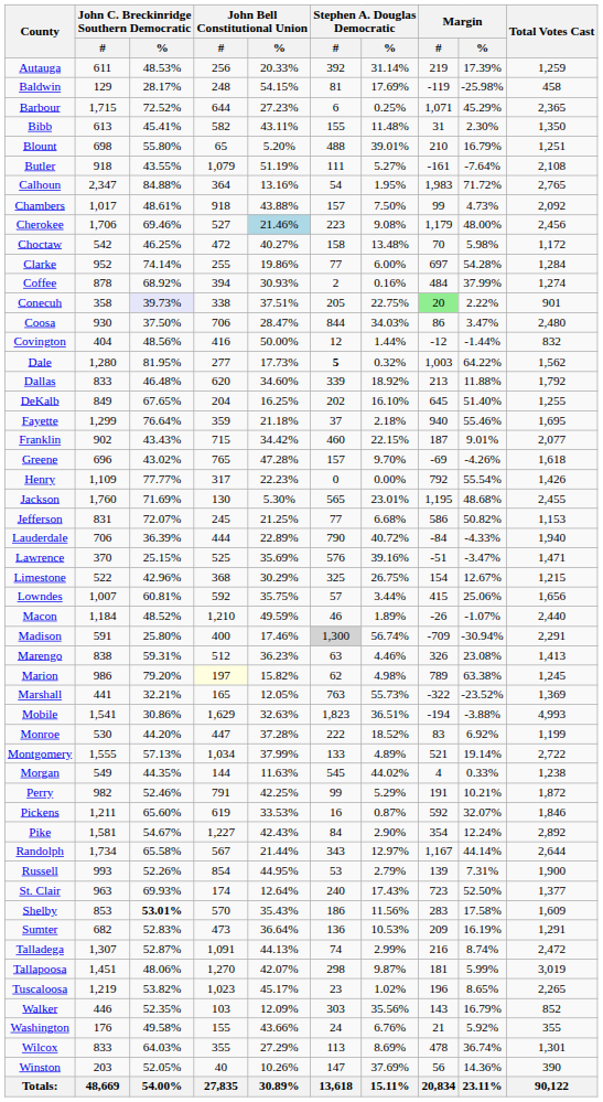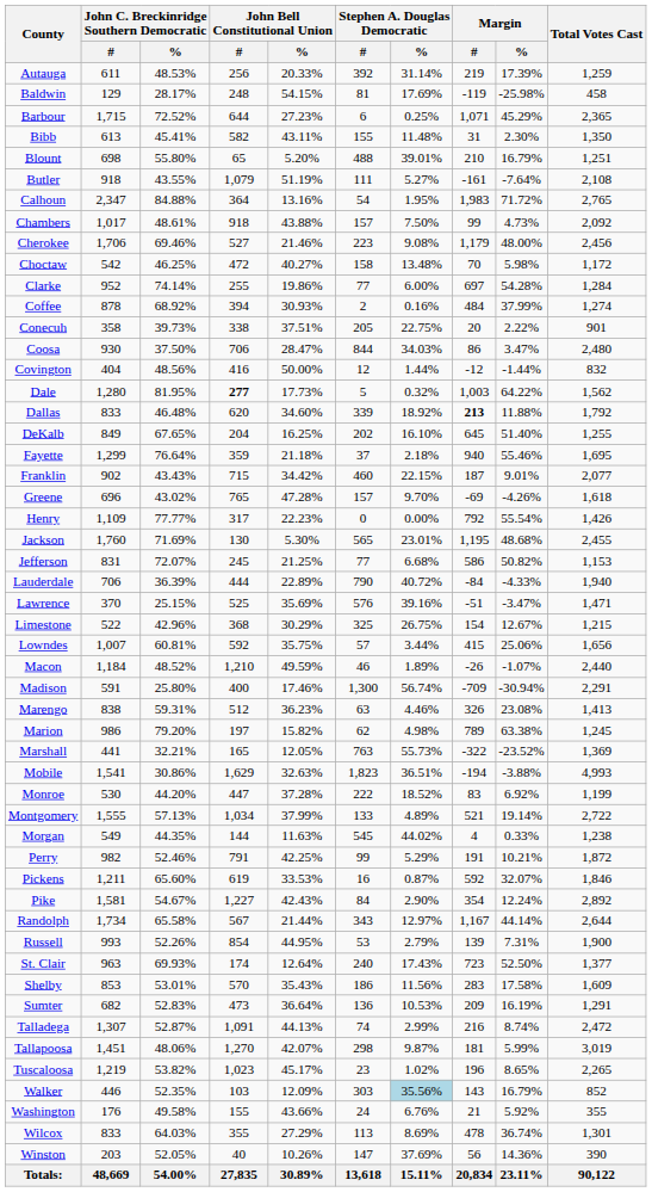 <table class="wikitable sortable">
 <tr>
 <th rowspan="2">County</th>
 <th colspan="2">John C. Breckinridge<br>Southern Democratic</th>
 <th colspan="2">John Bell<br>Constitutional Union</th>
 <th colspan="2">Stephen A. Douglas<br>Democratic</th>
 <th colspan="2">Margin</th>
 <th rowspan="2">Total Votes Cast</th>
 </tr>
 <tr>
 <th>#</th>
 <th>%</th>
 <th>#</th>
 <th>%</th>
 <th>#</th>
 <th>%</th>
 <th>#</th>
 <th>%</th>
 </tr>
 <tr style="text-align:center;">
 <td><a href='#'>Autauga</a></td>
 <td>611</td>
 <td>48.53%</td>
 <td>256</td>
 <td>20.33%</td>
 <td>392</td>
 <td>31.14%</td>
 <td>219</td>
 <td>17.39%</td>
 <td>1,259</td>
 </tr>
 <tr style="text-align:center;">
 <td><a href='#'>Baldwin</a></td>
 <td>129</td>
 <td>28.17%</td>
 <td>248</td>
 <td>54.15%</td>
 <td>81</td>
 <td>17.69%</td>
 <td>-119</td>
 <td>-25.98%</td>
 <td>458</td>
 </tr>
 <tr style="text-align:center;">
 <td><a href='#'>Barbour</a></td>
 <td>1,715</td>
 <td>72.52%</td>
 <td>644</td>
 <td>27.23%</td>
 <td>6</td>
 <td>0.25%</td>
 <td>1,071</td>
 <td>45.29%</td>
 <td>2,365</td>
 </tr>
 <tr style="text-align:center;">
 <td><a href='#'>Bibb</a></td>
 <td>613</td>
 <td>45.41%</td>
 <td>582</td>
 <td>43.11%</td>
 <td>155</td>
 <td>11.48%</td>
 <td>31</td>
 <td>2.30%</td>
 <td>1,350</td>
 </tr>
 <tr style="text-align:center;">
 <td><a href='#'>Blount</a></td>
 <td>698</td>
 <td>55.80%</td>
 <td>65</td>
 <td>5.20%</td>
 <td>488</td>
 <td>39.01%</td>
 <td>210</td>
 <td>16.79%</td>
 <td>1,251</td>
 </tr>
 <tr style="text-align:center;">
 <td><a href='#'>Butler</a></td>
 <td>918</td>
 <td>43.55%</td>
 <td>1,079</td>
 <td>51.19%</td>
 <td>111</td>
 <td>5.27%</td>
 <td>-161</td>
 <td>-7.64%</td>
 <td>2,108</td>
 </tr>
 <tr style="text-align:center;">
 <td><a href='#'>Calhoun</a></td>
 <td>2,347</td>
 <td>84.88%</td>
 <td>364</td>
 <td>13.16%</td>
 <td>54</td>
 <td>1.95%</td>
 <td>1,983</td>
 <td>71.72%</td>
 <td>2,765</td>
 </tr>
 <tr style="text-align:center;">
 <td><a href='#'>Chambers</a></td>
 <td>1,017</td>
 <td>48.61%</td>
 <td>918</td>
 <td>43.88%</td>
 <td>157</td>
 <td>7.50%</td>
 <td>99</td>
 <td>4.73%</td>
 <td>2,092</td>
 </tr>
 <tr style="text-align:center;">
 <td><a href='#'>Cherokee</a></td>
 <td>1,706</td>
 <td>69.46%</td>
 <td>527</td>
-<td style="background: lightblue;">21.46%</td>
+<td>21.46%</td>
 <td>223</td>
 <td>9.08%</td>
 <td>1,179</td>
 <td>48.00%</td>
 <td>2,456</td>
 </tr>
 <tr style="text-align:center;">
 <td><a href='#'>Choctaw</a></td>
 <td>542</td>
 <td>46.25%</td>
 <td>472</td>
 <td>40.27%</td>
 <td>158</td>
 <td>13.48%</td>
 <td>70</td>
 <td>5.98%</td>
 <td>1,172</td>
 </tr>
 <tr style="text-align:center;">
 <td><a href='#'>Clarke</a></td>
 <td>952</td>
 <td>74.14%</td>
 <td>255</td>
 <td>19.86%</td>
 <td>77</td>
 <td>6.00%</td>
 <td>697</td>
 <td>54.28%</td>
 <td>1,284</td>
 </tr>
 <tr style="text-align:center;">
 <td><a href='#'>Coffee</a></td>
 <td>878</td>
 <td>68.92%</td>
 <td>394</td>
 <td>30.93%</td>
 <td>2</td>
 <td>0.16%</td>
 <td>484</td>
 <td>37.99%</td>
 <td>1,274</td>
 </tr>
 <tr style="text-align:center;">
 <td><a href='#'>Conecuh</a></td>
 <td>358</td>
-<td style="background: lavender;">39.73%</td>
+<td>39.73%</td>
 <td>338</td>
 <td>37.51%</td>
 <td>205</td>
 <td>22.75%</td>
-<td style="background: lightgreen;">20</td>
+<td>20</td>
 <td>2.22%</td>
 <td>901</td>
 </tr>
 <tr style="text-align:center;">
 <td><a href='#'>Coosa</a></td>
 <td>930</td>
 <td>37.50%</td>
 <td>706</td>
 <td>28.47%</td>
 <td>844</td>
 <td>34.03%</td>
 <td>86</td>
 <td>3.47%</td>
 <td>2,480</td>
 </tr>
 <tr style="text-align:center;">
 <td><a href='#'>Covington</a></td>
 <td>404</td>
 <td>48.56%</td>
 <td>416</td>
 <td>50.00%</td>
 <td>12</td>
 <td>1.44%</td>
 <td>-12</td>
 <td>-1.44%</td>
 <td>832</td>
 </tr>
 <tr style="text-align:center;">
 <td><a href='#'>Dale</a></td>
 <td>1,280</td>
 <td>81.95%</td>
-<td>277</td>
+<td><strong>277</strong></td>
 <td>17.73%</td>
-<td><strong>5</strong></td>
+<td>5</td>
 <td>0.32%</td>
 <td>1,003</td>
 <td>64.22%</td>
 <td>1,562</td>
 </tr>
 <tr style="text-align:center;">
 <td><a href='#'>Dallas</a></td>
 <td>833</td>
 <td>46.48%</td>
 <td>620</td>
 <td>34.60%</td>
 <td>339</td>
 <td>18.92%</td>
-<td>213</td>
+<td><strong>213</strong></td>
 <td>11.88%</td>
 <td>1,792</td>
 </tr>
 <tr style="text-align:center;">
 <td><a href='#'>DeKalb</a></td>
 <td>849</td>
 <td>67.65%</td>
 <td>204</td>
 <td>16.25%</td>
 <td>202</td>
 <td>16.10%</td>
 <td>645</td>
 <td>51.40%</td>
 <td>1,255</td>
 </tr>
 <tr style="text-align:center;">
 <td><a href='#'>Fayette</a></td>
 <td>1,299</td>
 <td>76.64%</td>
 <td>359</td>
 <td>21.18%</td>
 <td>37</td>
 <td>2.18%</td>
 <td>940</td>
 <td>55.46%</td>
 <td>1,695</td>
 </tr>
 <tr style="text-align:center;">
 <td><a href='#'>Franklin</a></td>
 <td>902</td>
 <td>43.43%</td>
 <td>715</td>
 <td>34.42%</td>
 <td>460</td>
 <td>22.15%</td>
 <td>187</td>
 <td>9.01%</td>
 <td>2,077</td>
 </tr>
 <tr style="text-align:center;">
 <td><a href='#'>Greene</a></td>
 <td>696</td>
 <td>43.02%</td>
 <td>765</td>
 <td>47.28%</td>
 <td>157</td>
 <td>9.70%</td>
 <td>-69</td>
 <td>-4.26%</td>
 <td>1,618</td>
 </tr>
 <tr style="text-align:center;">
 <td><a href='#'>Henry</a></td>
 <td>1,109</td>
 <td>77.77%</td>
 <td>317</td>
 <td>22.23%</td>
 <td>0</td>
 <td>0.00%</td>
 <td>792</td>
 <td>55.54%</td>
 <td>1,426</td>
 </tr>
 <tr style="text-align:center;">
 <td><a href='#'>Jackson</a></td>
 <td>1,760</td>
 <td>71.69%</td>
 <td>130</td>
 <td>5.30%</td>
 <td>565</td>
 <td>23.01%</td>
 <td>1,195</td>
 <td>48.68%</td>
 <td>2,455</td>
 </tr>
 <tr style="text-align:center;">
 <td><a href='#'>Jefferson</a></td>
 <td>831</td>
 <td>72.07%</td>
 <td>245</td>
 <td>21.25%</td>
 <td>77</td>
 <td>6.68%</td>
 <td>586</td>
 <td>50.82%</td>
 <td>1,153</td>
 </tr>
 <tr style="text-align:center;">
 <td><a href='#'>Lauderdale</a></td>
 <td>706</td>
 <td>36.39%</td>
 <td>444</td>
 <td>22.89%</td>
 <td>790</td>
 <td>40.72%</td>
 <td>-84</td>
 <td>-4.33%</td>
 <td>1,940</td>
 </tr>
 <tr style="text-align:center;">
 <td><a href='#'>Lawrence</a></td>
 <td>370</td>
 <td>25.15%</td>
 <td>525</td>
 <td>35.69%</td>
 <td>576</td>
 <td>39.16%</td>
 <td>-51</td>
 <td>-3.47%</td>
 <td>1,471</td>
 </tr>
 <tr style="text-align:center;">
 <td><a href='#'>Limestone</a></td>
 <td>522</td>
 <td>42.96%</td>
 <td>368</td>
 <td>30.29%</td>
 <td>325</td>
 <td>26.75%</td>
 <td>154</td>
 <td>12.67%</td>
 <td>1,215</td>
 </tr>
 <tr style="text-align:center;">
 <td><a href='#'>Lowndes</a></td>
 <td>1,007</td>
 <td>60.81%</td>
 <td>592</td>
 <td>35.75%</td>
 <td>57</td>
 <td>3.44%</td>
 <td>415</td>
 <td>25.06%</td>
 <td>1,656</td>
 </tr>
 <tr style="text-align:center;">
 <td><a href='#'>Macon</a></td>
 <td>1,184</td>
 <td>48.52%</td>
 <td>1,210</td>
 <td>49.59%</td>
 <td>46</td>
 <td>1.89%</td>
 <td>-26</td>
 <td>-1.07%</td>
 <td>2,440</td>
 </tr>
 <tr style="text-align:center;">
 <td><a href='#'>Madison</a></td>
 <td>591</td>
 <td>25.80%</td>
 <td>400</td>
 <td>17.46%</td>
-<td style="background: lightgrey;">1,300</td>
+<td>1,300</td>
 <td>56.74%</td>
 <td>-709</td>
 <td>-30.94%</td>
 <td>2,291</td>
 </tr>
 <tr style="text-align:center;">
 <td><a href='#'>Marengo</a></td>
 <td>838</td>
 <td>59.31%</td>
 <td>512</td>
 <td>36.23%</td>
 <td>63</td>
 <td>4.46%</td>
 <td>326</td>
 <td>23.08%</td>
 <td>1,413</td>
 </tr>
 <tr style="text-align:center;">
 <td><a href='#'>Marion</a></td>
 <td>986</td>
 <td>79.20%</td>
-<td style="background: lightyellow;">197</td>
+<td>197</td>
 <td>15.82%</td>
 <td>62</td>
 <td>4.98%</td>
 <td>789</td>
 <td>63.38%</td>
 <td>1,245</td>
 </tr>
 <tr style="text-align:center;">
 <td><a href='#'>Marshall</a></td>
 <td>441</td>
 <td>32.21%</td>
 <td>165</td>
 <td>12.05%</td>
 <td>763</td>
 <td>55.73%</td>
 <td>-322</td>
 <td>-23.52%</td>
 <td>1,369</td>
 </tr>
 <tr style="text-align:center;">
 <td><a href='#'>Mobile</a></td>
 <td>1,541</td>
 <td>30.86%</td>
 <td>1,629</td>
 <td>32.63%</td>
 <td>1,823</td>
 <td>36.51%</td>
 <td>-194</td>
 <td>-3.88%</td>
 <td>4,993</td>
 </tr>
 <tr style="text-align:center;">
 <td><a href='#'>Monroe</a></td>
 <td>530</td>
 <td>44.20%</td>
 <td>447</td>
 <td>37.28%</td>
 <td>222</td>
 <td>18.52%</td>
 <td>83</td>
 <td>6.92%</td>
 <td>1,199</td>
 </tr>
 <tr style="text-align:center;">
 <td><a href='#'>Montgomery</a></td>
 <td>1,555</td>
 <td>57.13%</td>
 <td>1,034</td>
 <td>37.99%</td>
 <td>133</td>
 <td>4.89%</td>
 <td>521</td>
 <td>19.14%</td>
 <td>2,722</td>
 </tr>
 <tr style="text-align:center;">
 <td><a href='#'>Morgan</a></td>
 <td>549</td>
 <td>44.35%</td>
 <td>144</td>
 <td>11.63%</td>
 <td>545</td>
 <td>44.02%</td>
 <td>4</td>
 <td>0.33%</td>
 <td>1,238</td>
 </tr>
 <tr style="text-align:center;">
 <td><a href='#'>Perry</a></td>
 <td>982</td>
 <td>52.46%</td>
 <td>791</td>
 <td>42.25%</td>
 <td>99</td>
 <td>5.29%</td>
 <td>191</td>
 <td>10.21%</td>
 <td>1,872</td>
 </tr>
 <tr style="text-align:center;">
 <td><a href='#'>Pickens</a></td>
 <td>1,211</td>
 <td>65.60%</td>
 <td>619</td>
 <td>33.53%</td>
 <td>16</td>
 <td>0.87%</td>
 <td>592</td>
 <td>32.07%</td>
 <td>1,846</td>
 </tr>
 <tr style="text-align:center;">
 <td><a href='#'>Pike</a></td>
 <td>1,581</td>
 <td>54.67%</td>
 <td>1,227</td>
 <td>42.43%</td>
 <td>84</td>
 <td>2.90%</td>
 <td>354</td>
 <td>12.24%</td>
 <td>2,892</td>
 </tr>
 <tr style="text-align:center;">
 <td><a href='#'>Randolph</a></td>
 <td>1,734</td>
 <td>65.58%</td>
 <td>567</td>
 <td>21.44%</td>
 <td>343</td>
 <td>12.97%</td>
 <td>1,167</td>
 <td>44.14%</td>
 <td>2,644</td>
 </tr>
 <tr style="text-align:center;">
 <td><a href='#'>Russell</a></td>
 <td>993</td>
 <td>52.26%</td>
 <td>854</td>
 <td>44.95%</td>
 <td>53</td>
 <td>2.79%</td>
 <td>139</td>
 <td>7.31%</td>
 <td>1,900</td>
 </tr>
 <tr style="text-align:center;">
 <td><a href='#'>St. Clair</a></td>
 <td>963</td>
 <td>69.93%</td>
 <td>174</td>
 <td>12.64%</td>
 <td>240</td>
 <td>17.43%</td>
 <td>723</td>
 <td>52.50%</td>
 <td>1,377</td>
 </tr>
 <tr style="text-align:center;">
 <td><a href='#'>Shelby</a></td>
 <td>853</td>
-<td><strong>53.01%</strong></td>
+<td>53.01%</td>
 <td>570</td>
 <td>35.43%</td>
 <td>186</td>
 <td>11.56%</td>
 <td>283</td>
 <td>17.58%</td>
 <td>1,609</td>
 </tr>
 <tr style="text-align:center;">
 <td><a href='#'>Sumter</a></td>
 <td>682</td>
 <td>52.83%</td>
 <td>473</td>
 <td>36.64%</td>
 <td>136</td>
 <td>10.53%</td>
 <td>209</td>
 <td>16.19%</td>
 <td>1,291</td>
 </tr>
 <tr style="text-align:center;">
 <td><a href='#'>Talladega</a></td>
 <td>1,307</td>
 <td>52.87%</td>
 <td>1,091</td>
 <td>44.13%</td>
 <td>74</td>
 <td>2.99%</td>
 <td>216</td>
 <td>8.74%</td>
 <td>2,472</td>
 </tr>
 <tr style="text-align:center;">
 <td><a href='#'>Tallapoosa</a></td>
 <td>1,451</td>
 <td>48.06%</td>
 <td>1,270</td>
 <td>42.07%</td>
 <td>298</td>
 <td>9.87%</td>
 <td>181</td>
 <td>5.99%</td>
 <td>3,019</td>
 </tr>
 <tr style="text-align:center;">
 <td><a href='#'>Tuscaloosa</a></td>
 <td>1,219</td>
 <td>53.82%</td>
 <td>1,023</td>
 <td>45.17%</td>
 <td>23</td>
 <td>1.02%</td>
 <td>196</td>
 <td>8.65%</td>
 <td>2,265</td>
 </tr>
 <tr style="text-align:center;">
 <td><a href='#'>Walker</a></td>
 <td>446</td>
 <td>52.35%</td>
 <td>103</td>
 <td>12.09%</td>
 <td>303</td>
-<td>35.56%</td>
+<td style="background: lightblue;">35.56%</td>
 <td>143</td>
 <td>16.79%</td>
 <td>852</td>
 </tr>
 <tr style="text-align:center;">
 <td><a href='#'>Washington</a></td>
 <td>176</td>
 <td>49.58%</td>
 <td>155</td>
 <td>43.66%</td>
 <td>24</td>
 <td>6.76%</td>
 <td>21</td>
 <td>5.92%</td>
 <td>355</td>
 </tr>
 <tr style="text-align:center;">
 <td><a href='#'>Wilcox</a></td>
 <td>833</td>
 <td>64.03%</td>
 <td>355</td>
 <td>27.29%</td>
 <td>113</td>
 <td>8.69%</td>
 <td>478</td>
 <td>36.74%</td>
 <td>1,301</td>
 </tr>
 <tr style="text-align:center;">
 <td><a href='#'>Winston</a></td>
 <td>203</td>
 <td>52.05%</td>
 <td>40</td>
 <td>10.26%</td>
 <td>147</td>
 <td>37.69%</td>
 <td>56</td>
 <td>14.36%</td>
 <td>390</td>
 </tr>
 <tr style="text-align:center;">
 <th>Totals:</th>
 <th>48,669</th>
 <th>54.00%</th>
 <th>27,835</th>
 <th>30.89%</th>
 <th>13,618</th>
 <th>15.11%</th>
 <th>20,834</th>
 <th>23.11%</th>
 <th>90,122</th>
 </tr>
 </table>
